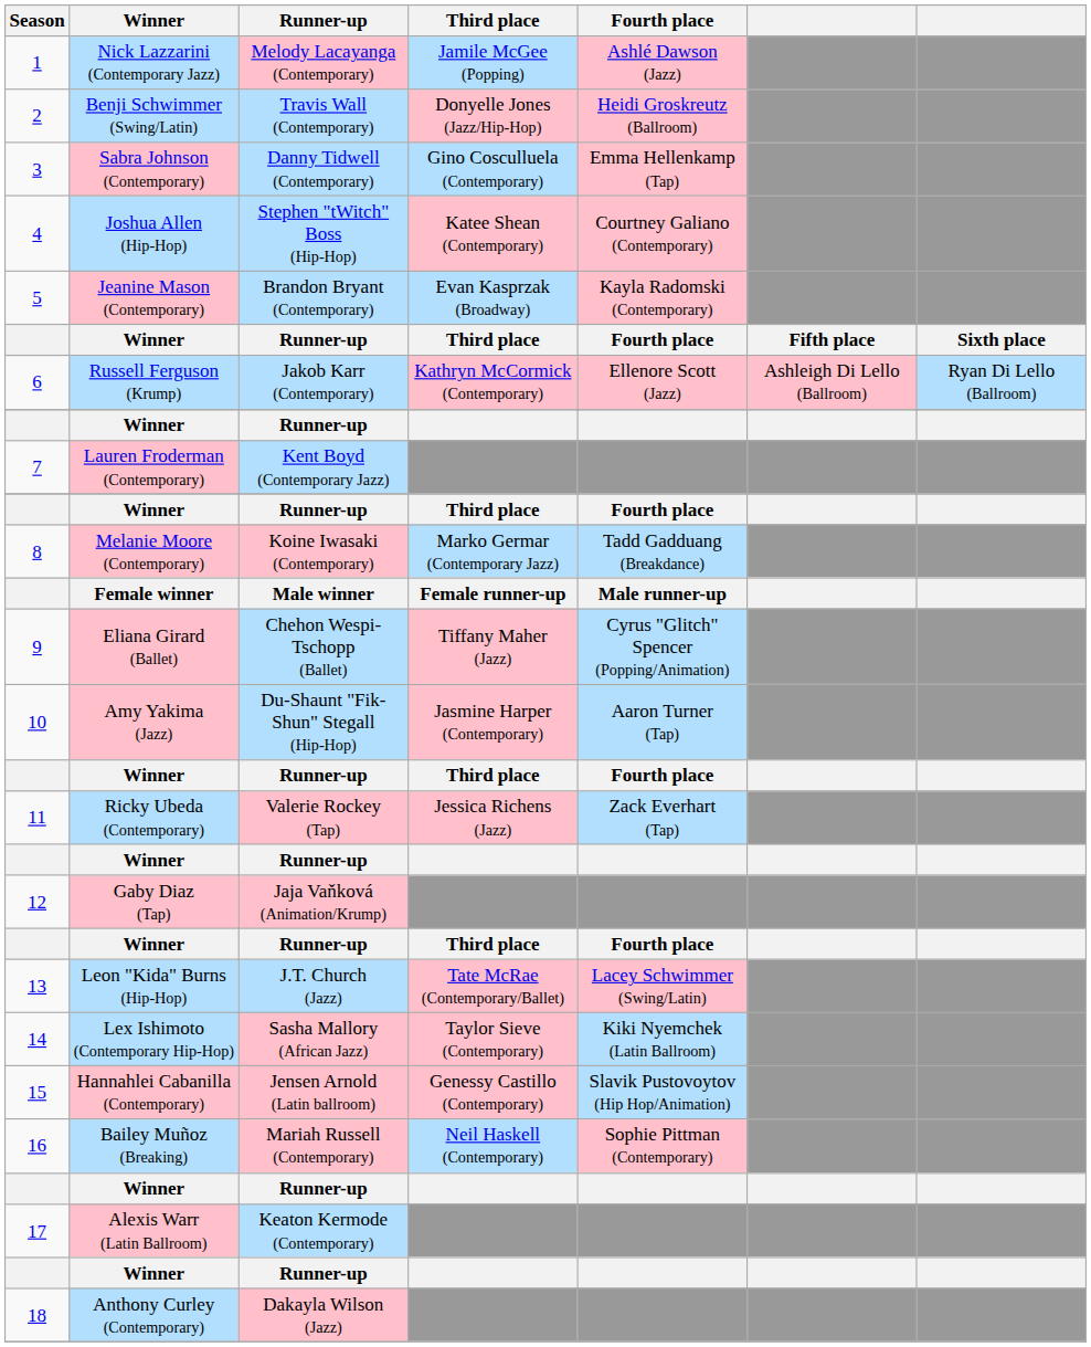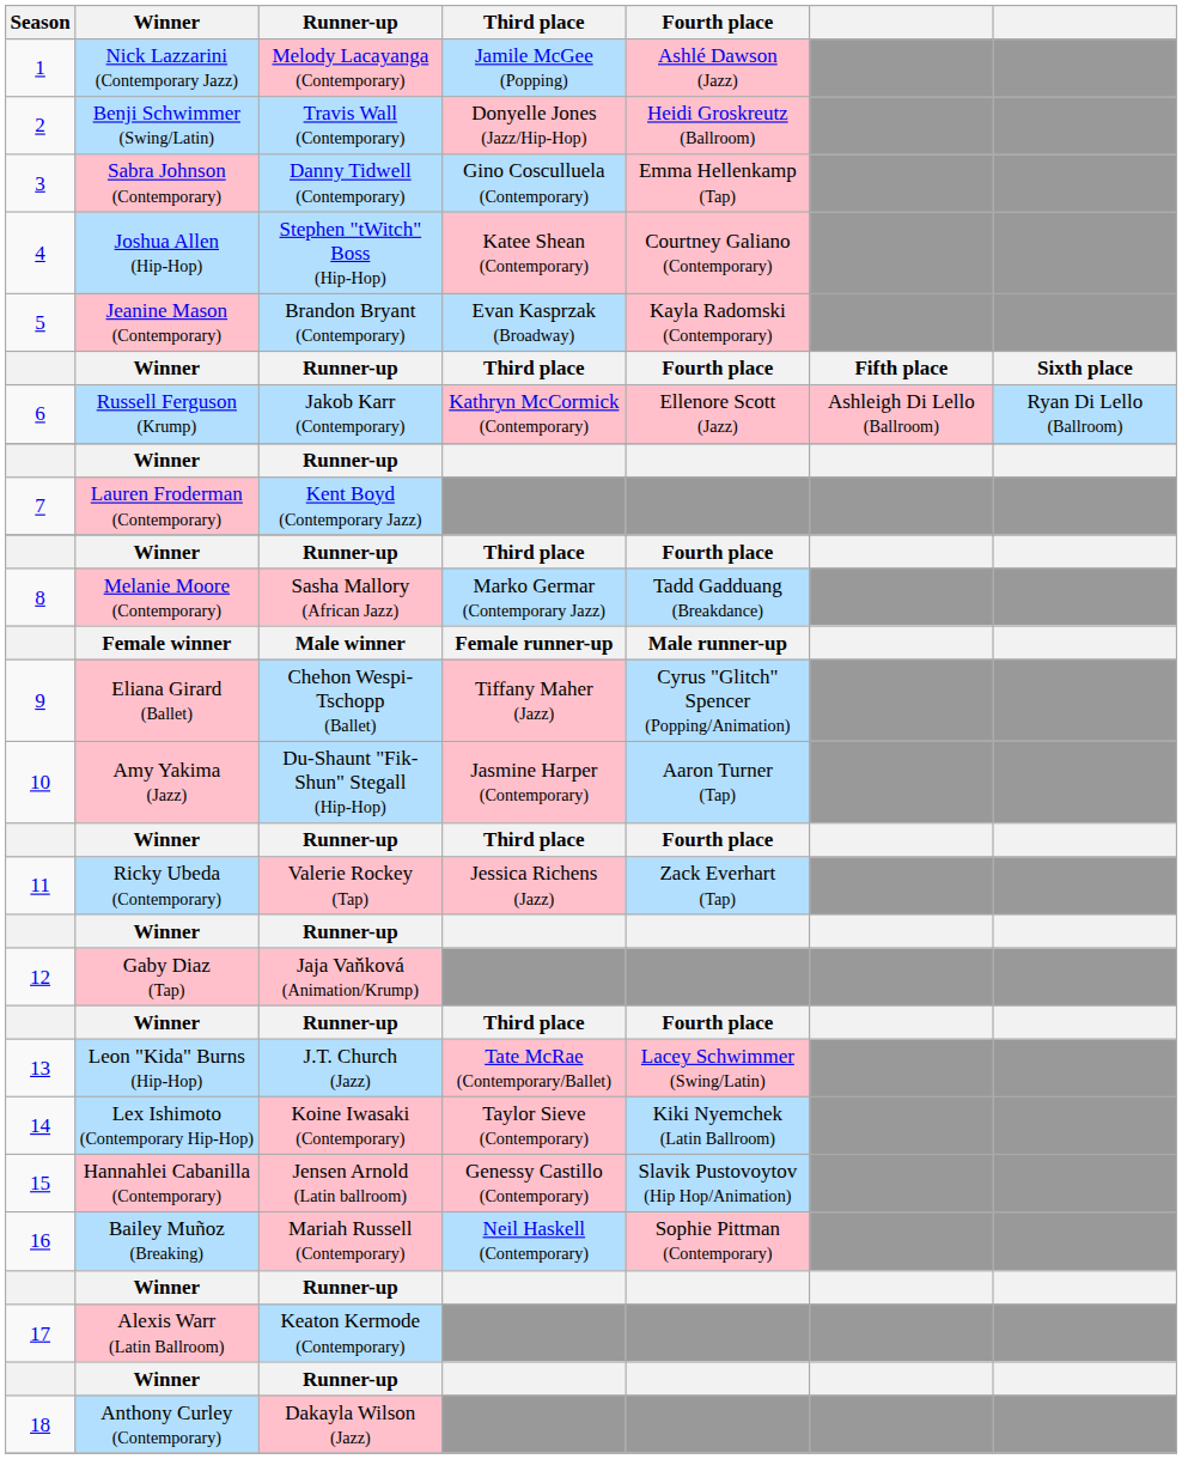 <table class="wikitable border-collapse:collapse;" style="text-align:center; font-size:95%;">
 <tr style="background:#ccc;">
 <th style="width:40px;">Season</th>
 <th style="width:130px;">Winner</th>
 <th style="width:130px;">Runner-up</th>
 <th style="width:130px;">Third place</th>
 <th style="width:130px;">Fourth place</th>
 <th style="width:130px;"></th>
 <th style="width:130px;"></th>
 </tr>
 <tr>
 <td><a href='#'>1</a></td>
 <td style="background:#b2dffe;"><a href='#'>Nick Lazzarini</a><br><small>(Contemporary Jazz)</small></td>
 <td style="background:pink;"><a href='#'>Melody Lacayanga</a><br><small>(Contemporary)</small></td>
 <td style="background:#b2dffe;"><a href='#'>Jamile McGee</a><br><small>(Popping)</small></td>
 <td style="background:pink;"><a href='#'>Ashlé Dawson</a><br><small>(Jazz)</small></td>
 <td style="background:#999;"></td>
 <td style="background:#999;"></td>
 </tr>
 <tr>
 <td><a href='#'>2</a></td>
 <td style="background:#b2dffe;"><a href='#'>Benji Schwimmer</a><br><small>(Swing/Latin)</small></td>
 <td style="background:#b2dffe;"><a href='#'>Travis Wall</a><br><small>(Contemporary)</small></td>
 <td style="background:pink;">Donyelle Jones<br><small>(Jazz/Hip-Hop)</small></td>
 <td style="background:pink;"><a href='#'>Heidi Groskreutz</a><br><small>(Ballroom)</small></td>
 <td style="background:#999;"></td>
 <td style="background:#999;"></td>
 </tr>
 <tr>
 <td><a href='#'>3</a></td>
 <td style="background:pink;"><a href='#'>Sabra Johnson</a><br><small>(Contemporary)</small></td>
 <td style="background:#b2dffe;"><a href='#'>Danny Tidwell</a><br><small>(Contemporary)</small></td>
 <td style="background:#b2dffe;">Gino Cosculluela<br><small>(Contemporary)</small></td>
 <td style="background:pink;">Emma Hellenkamp<br><small>(Tap)</small></td>
 <td style="background:#999;"></td>
 <td style="background:#999;"></td>
 </tr>
 <tr>
 <td><a href='#'>4</a></td>
 <td style="background:#b2dffe;"><a href='#'>Joshua Allen</a><br><small>(Hip-Hop)</small></td>
 <td style="background:#b2dffe;"><a href='#'>Stephen "tWitch" Boss</a><br><small>(Hip-Hop)</small></td>
 <td style="background:pink;">Katee Shean<br><small>(Contemporary)</small></td>
 <td style="background:pink;">Courtney Galiano<br><small>(Contemporary)</small></td>
 <td style="background:#999;"></td>
 <td style="background:#999;"></td>
 </tr>
 <tr>
 <td><a href='#'>5</a></td>
 <td style="background:pink;"><a href='#'>Jeanine Mason</a><br><small>(Contemporary)</small></td>
 <td style="background:#b2dffe;">Brandon Bryant<br><small>(Contemporary)</small></td>
 <td style="background:#b2dffe;">Evan Kasprzak<br><small>(Broadway)</small></td>
 <td style="background:pink;">Kayla Radomski<br><small>(Contemporary)</small></td>
 <td style="background:#999;"></td>
 <td style="background:#999;"></td>
 </tr>
 <tr style="background:#ccc;">
 <th style="width:40px;"></th>
 <th style="width:130px;">Winner</th>
 <th style="width:130px;">Runner-up</th>
 <th style="width:130px;">Third place</th>
 <th style="width:130px;">Fourth place</th>
 <th style="width:130px;">Fifth place</th>
 <th style="width:130px;">Sixth place</th>
 </tr>
 <tr>
 <td><a href='#'>6</a></td>
 <td style="background:#b2dffe;"><a href='#'>Russell Ferguson</a><br><small>(Krump)</small></td>
 <td style="background:#b2dffe;">Jakob Karr<br><small>(Contemporary)</small></td>
 <td style="background:pink;"><a href='#'>Kathryn McCormick</a><br><small>(Contemporary)</small></td>
 <td style="background:pink;">Ellenore Scott<br><small>(Jazz)</small></td>
 <td style="background:pink;">Ashleigh Di Lello<br><small>(Ballroom)</small></td>
 <td style="background:#b2dffe;">Ryan Di Lello<br><small>(Ballroom)</small></td>
 </tr>
 <tr>
 </tr>
 <tr style="background:#ccc;">
 <th style="width:40px;"></th>
 <th style="width:130px;">Winner</th>
 <th style="width:130px;">Runner-up</th>
 <th style="width:130px;"></th>
 <th style="width:130px;"></th>
 <th style="width:130px;"></th>
 <th style="width:130px;"></th>
 </tr>
 <tr>
 <td><a href='#'>7</a></td>
 <td style="background:pink;"><a href='#'>Lauren Froderman</a> <br><small>(Contemporary)</small></td>
 <td style="background:#b2dffe;"><a href='#'>Kent Boyd</a> <br><small>(Contemporary Jazz)</small></td>
 <td style="background:#999;"></td>
 <td style="background:#999;"></td>
 <td style="background:#999;"></td>
 <td style="background:#999;"></td>
 </tr>
 <tr>
 </tr>
 <tr style="background:#ccc;">
 <th style="width:40px;"></th>
 <th style="width:130px;">Winner</th>
 <th style="width:130px;">Runner-up</th>
 <th style="width:130px;">Third place</th>
 <th style="width:130px;">Fourth place</th>
 <th style="width:130px;"></th>
 <th style="width:130px;"></th>
 </tr>
 <tr>
 <td><a href='#'>8</a></td>
 <td style="background:pink;"><a href='#'>Melanie Moore</a><br><small>(Contemporary)</small></td>
-<td style="background:pink;">Koine Iwasaki<br><small>(Contemporary)</small></td>
+<td style="background:pink;">Sasha Mallory<br><small>(African Jazz)</small></td>
 <td style="background:#b2dffe;">Marko Germar<br><small>(Contemporary Jazz)</small></td>
 <td style="background:#b2dffe;">Tadd Gadduang<br><small>(Breakdance)</small></td>
 <td style="background:#999;"></td>
 <td style="background:#999;"></td>
 </tr>
 <tr style="background:#ccc;">
 <th style="width:40px;"></th>
 <th style="width:130px;">Female winner</th>
 <th style="width:130px;">Male winner</th>
 <th style="width:130px;">Female runner-up</th>
 <th style="width:130px;">Male runner-up</th>
 <th style="width:130px;"></th>
 <th style="width:130px;"></th>
 </tr>
 <tr>
 <td><a href='#'>9</a></td>
 <td style="background:pink;">Eliana Girard<br><small>(Ballet)</small></td>
 <td style="background:#b2dffe;">Chehon Wespi-Tschopp<br><small>(Ballet)</small></td>
 <td style="background:pink;">Tiffany Maher<br><small>(Jazz)</small></td>
 <td style="background:#b2dffe;">Cyrus "Glitch" Spencer<br><small>(Popping/Animation)</small></td>
 <td style="background:#999;"></td>
 <td style="background:#999;"></td>
 </tr>
 <tr>
 <td><a href='#'>10</a></td>
 <td style="background:pink;">Amy Yakima<br><small>(Jazz)</small></td>
 <td style="background:#b2dffe;">Du-Shaunt "Fik-Shun" Stegall<br><small>(Hip-Hop)</small></td>
 <td style="background:pink;">Jasmine Harper<br><small>(Contemporary)</small></td>
 <td style="background:#b2dffe;">Aaron Turner<br><small>(Tap)</small></td>
 <td style="background:#999;"></td>
 <td style="background:#999;"></td>
 </tr>
 <tr style="background:#ccc;">
 <th style="width:40px;"></th>
 <th style="width:130px;">Winner</th>
 <th style="width:130px;">Runner-up</th>
 <th style="width:130px;">Third place</th>
 <th style="width:130px;">Fourth place</th>
 <th style="width:130px;"></th>
 <th style="width:130px;"></th>
 </tr>
 <tr>
 <td><a href='#'>11</a></td>
 <td style="background:#b2dffe;">Ricky Ubeda<br><small>(Contemporary)</small></td>
 <td style="background:pink;">Valerie Rockey<br><small>(Tap)</small></td>
 <td style="background:pink;">Jessica Richens<br><small>(Jazz)</small></td>
 <td style="background:#b2dffe;">Zack Everhart<br><small>(Tap)</small></td>
 <td style="background:#999;"></td>
 <td style="background:#999;"></td>
 </tr>
 <tr>
 <th style="width:40px;"></th>
 <th style="width:130px;">Winner</th>
 <th style="width:130px;">Runner-up</th>
 <th style="width:130px;"></th>
 <th style="width:130px;"></th>
 <th style="width:130px;"></th>
 <th style="width:130px;"></th>
 </tr>
 <tr>
 <td><a href='#'>12</a></td>
 <td style="background:pink;">Gaby Diaz<br><small>(Tap)</small></td>
 <td style="background:pink;">Jaja Vaňková<br><small>(Animation/Krump)</small></td>
 <td style="background:#999;"></td>
 <td style="background:#999;"></td>
 <td style="background:#999;"></td>
 <td style="background:#999;"></td>
 </tr>
 <tr style="background:#ccc;">
 <th style="width:40px;"></th>
 <th style="width:130px;">Winner</th>
 <th style="width:130px;">Runner-up</th>
 <th style="width:130px;">Third place</th>
 <th style="width:130px;">Fourth place</th>
 <th style="width:130px;"></th>
 <th style="width:130px;"></th>
 </tr>
 <tr>
 <td><a href='#'>13</a></td>
 <td style="background:#b2dffe;">Leon "Kida" Burns<br><small>(Hip-Hop)</small></td>
 <td style="background:#b2dffe;">J.T. Church<br><small>(Jazz)</small></td>
 <td style="background:pink;"><a href='#'>Tate McRae</a><br><small>(Contemporary/Ballet)</small></td>
 <td style="background:pink;"><a href='#'>Lacey Schwimmer</a><br><small>(Swing/Latin)</small></td>
 <td style="background:#999;"></td>
 <td style="background:#999;"></td>
 </tr>
 <tr>
 <td><a href='#'>14</a></td>
 <td style="background:#b2dffe;">Lex Ishimoto<br><small>(Contemporary Hip-Hop)</small></td>
-<td style="background:pink;">Sasha Mallory<br><small>(African Jazz)</small></td>
+<td style="background:pink;">Koine Iwasaki<br><small>(Contemporary)</small></td>
 <td style="background:pink;">Taylor Sieve<br><small>(Contemporary)</small></td>
 <td style="background:#b2dffe;">Kiki Nyemchek<br><small>(Latin Ballroom)</small></td>
 <td style="background:#999;"></td>
 <td style="background:#999;"></td>
 </tr>
 <tr>
 <td><a href='#'>15</a></td>
 <td style="background:pink;">Hannahlei Cabanilla<br><small>(Contemporary)</small></td>
 <td style="background:pink;">Jensen Arnold<br><small>(Latin ballroom)</small></td>
 <td style="background:pink;">Genessy Castillo <br><small>(Contemporary)</small></td>
 <td style="background:#b2dffe;">Slavik Pustovoytov <br><small>(Hip Hop/Animation)</small></td>
 <td style="background:#999;"></td>
 <td style="background:#999;"></td>
 </tr>
 <tr>
 <td><a href='#'>16</a></td>
 <td style="background:#b2dffe;">Bailey Muñoz<br><small>(Breaking)</small></td>
 <td style="background:pink;">Mariah Russell<br><small>(Contemporary)</small></td>
 <td style="background:#b2dffe;"><a href='#'>Neil Haskell</a><br><small>(Contemporary)</small></td>
 <td style="background:pink;">Sophie Pittman<br><small>(Contemporary)</small></td>
 <td style="background:#999;"></td>
 <td style="background:#999;"></td>
 </tr>
 <tr>
 <th style="width:40px;"></th>
 <th style="width:130px;">Winner</th>
 <th style="width:130px;">Runner-up</th>
 <th style="width:130px;"></th>
 <th style="width:130px;"></th>
 <th style="width:130px;"></th>
 <th style="width:130px;"></th>
 </tr>
 <tr>
 <td><a href='#'>17</a></td>
 <td style="background:pink;">Alexis Warr<br><small>(Latin Ballroom)</small></td>
 <td style="background:#b2dffe;">Keaton Kermode<br><small>(Contemporary)</small></td>
 <td style="background:#999;"></td>
 <td style="background:#999;"></td>
 <td style="background:#999;"></td>
 <td style="background:#999;"></td>
 </tr>
 <tr>
 <th style="width:40px;"></th>
 <th style="width:130px;">Winner</th>
 <th style="width:130px;">Runner-up</th>
 <th style="width:130px;"></th>
 <th style="width:130px;"></th>
 <th style="width:130px;"></th>
 <th style="width:130px;"></th>
 </tr>
 <tr>
 <td><a href='#'>18</a></td>
 <td style="background:#b2dffe;">Anthony Curley<br><small>(Contemporary)</small></td>
 <td style="background:pink;">Dakayla Wilson<br><small>(Jazz)</small></td>
 <td style="background:#999;"></td>
 <td style="background:#999;"></td>
 <td style="background:#999;"></td>
 <td style="background:#999;"></td>
 </tr>
 <tr>
 </tr>
 </table>
